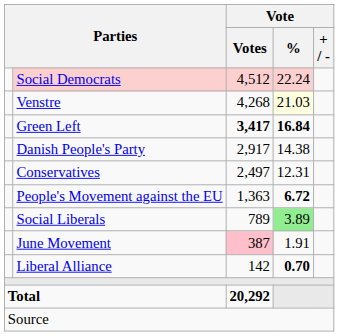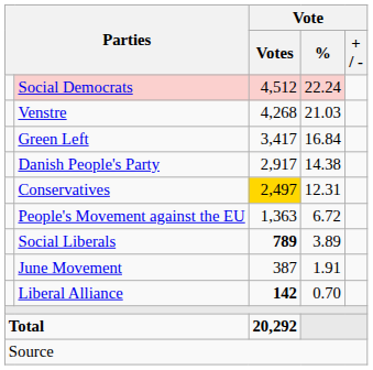 <table class="wikitable" style="text-align:right;">
 <tr>
 <th style="text-align:centre;" rowspan="2" colspan="2" width="225">Parties</th>
 <th colspan="3">Vote</th>
 </tr>
 <tr>
 <th width="15">Votes</th>
 <th width="15">%</th>
 <th width="15">+ / -</th>
 </tr>
 <tr>
 <td width="2" style="color:inherit;background:"></td>
 <td bgcolor=#fbd0ce   align="left"><a href='#'>Social Democrats</a></td>
 <td bgcolor=#fbd0ce>4,512</td>
 <td bgcolor=#fbd0ce>22.24</td>
 <td></td>
 </tr>
 <tr>
 <td width="2" style="color:inherit;background:"></td>
 <td align="left"><a href='#'>Venstre</a></td>
 <td>4,268</td>
-<td style="background: lightyellow;">21.03</td>
+<td>21.03</td>
 <td></td>
 </tr>
 <tr>
 <td width="2" style="color:inherit;background:"></td>
 <td align="left"><a href='#'>Green Left</a></td>
-<td><strong>3,417</strong></td>
-<td><strong>16.84</strong></td>
+<td>3,417</td>
+<td>16.84</td>
 <td></td>
 </tr>
 <tr>
 <td width="2" style="color:inherit;background:"></td>
 <td align="left"><a href='#'>Danish People's Party</a></td>
 <td>2,917</td>
 <td>14.38</td>
 <td></td>
 </tr>
 <tr>
 <td width="2" style="color:inherit;background:"></td>
 <td align="left"><a href='#'>Conservatives</a></td>
-<td>2,497</td>
+<td style="background: gold;">2,497</td>
 <td>12.31</td>
 <td></td>
 </tr>
 <tr>
 <td width="2" style="color:inherit;background:"></td>
 <td align="left"><a href='#'>People's Movement against the EU</a></td>
 <td>1,363</td>
-<td><strong>6.72</strong></td>
+<td>6.72</td>
 <td></td>
 </tr>
 <tr>
 <td width="2" style="color:inherit;background:"></td>
 <td align="left"><a href='#'>Social Liberals</a></td>
-<td>789</td>
-<td style="background: lightgreen;">3.89</td>
+<td><strong>789</strong></td>
+<td>3.89</td>
 <td></td>
 </tr>
 <tr>
 <td width="2" style="color:inherit;background:"></td>
 <td align="left"><a href='#'>June Movement</a></td>
-<td style="background: pink;">387</td>
+<td>387</td>
 <td>1.91</td>
 <td></td>
 </tr>
 <tr>
 <td width="2" style="color:inherit;background:"></td>
 <td align="left"><a href='#'>Liberal Alliance</a></td>
-<td>142</td>
-<td><strong>0.70</strong></td>
+<td><strong>142</strong></td>
+<td>0.70</td>
 <td></td>
 </tr>
 <tr>
 <td colspan="7" bgcolor="#E9E9E9"></td>
 </tr>
 <tr>
 <td align="left" colspan="2"><strong>Total</strong></td>
 <td><strong>20,292</strong></td>
 <td bgcolor="#E9E9E9" colspan="2"></td>
 </tr>
 <tr>
 <td align="left" colspan="6">Source</td>
 </tr>
 </table>
